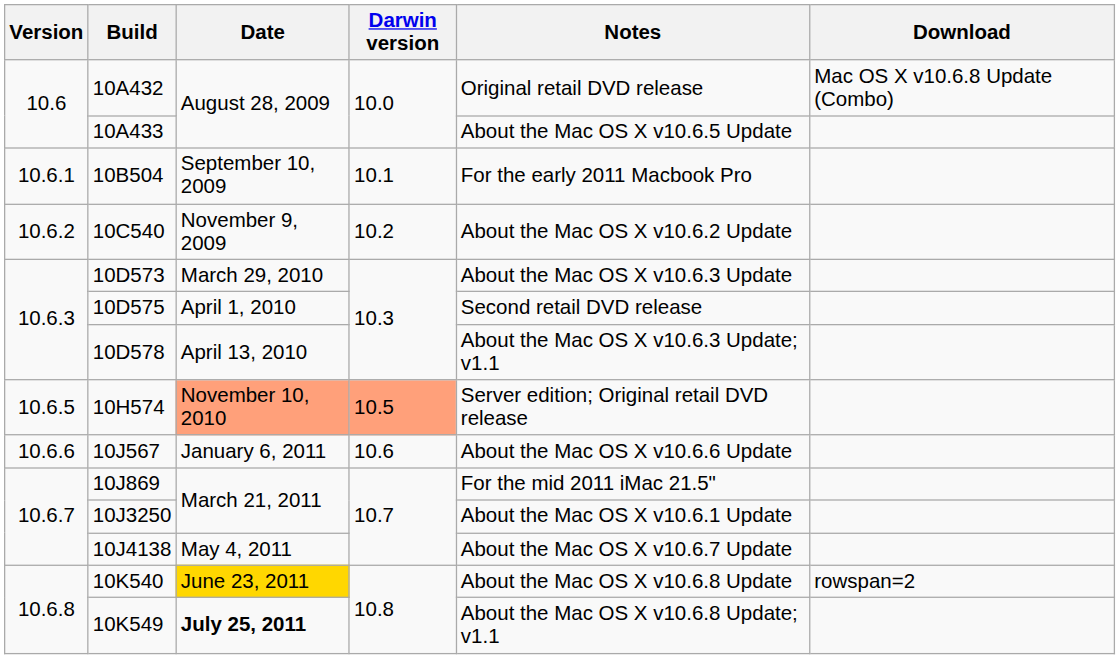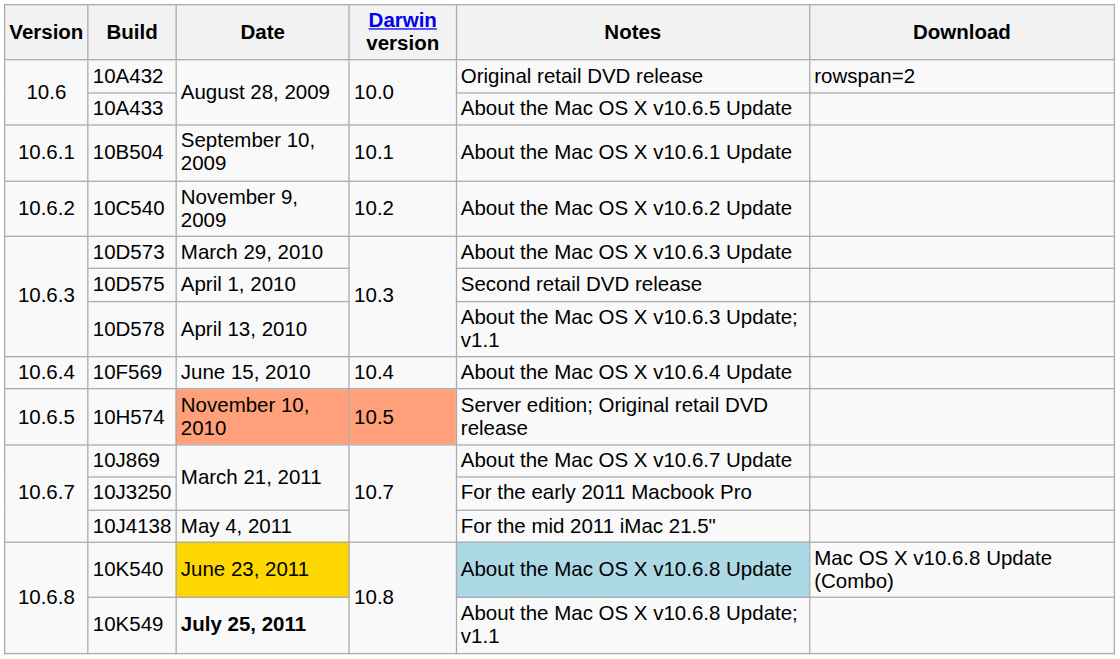 <table class="wikitable">
 <tr>
 <th>Version</th>
 <th>Build</th>
 <th style="width: 128px;">Date</th>
 <th style="width: 76px;"><a href='#'>Darwin</a> version</th>
 <th>Notes</th>
 <th>Download</th>
 </tr>
 <tr>
 <td style=text-align:center rowspan=2>10.6</td>
 <td>10A432</td>
 <td rowspan=2>August 28, 2009</td>
 <td rowspan=2>10.0</td>
 <td>Original retail DVD release</td>
-<td>Mac OS X v10.6.8 Update (Combo)</td>
+<td>rowspan=2 </td>
 </tr>
 <tr>
 <td>10A433</td>
 <td>About the Mac OS X v10.6.5 Update</td>
 </tr>
 <tr>
 <td style=text-align:center>10.6.1</td>
 <td>10B504</td>
 <td>September 10, 2009</td>
 <td>10.1</td>
-<td>For the early 2011 Macbook Pro</td>
+<td>About the Mac OS X v10.6.1 Update</td>
 <td></td>
 </tr>
 <tr>
 <td style=text-align:center>10.6.2</td>
 <td>10C540</td>
 <td>November 9, 2009</td>
 <td>10.2</td>
 <td>About the Mac OS X v10.6.2 Update</td>
 <td><br></td>
 </tr>
 <tr>
 <td style=text-align:center rowspan=3>10.6.3</td>
 <td>10D573</td>
 <td>March 29, 2010</td>
 <td rowspan=3>10.3</td>
 <td>About the Mac OS X v10.6.3 Update</td>
 <td></td>
 </tr>
 <tr>
 <td>10D575</td>
 <td>April 1, 2010</td>
 <td>Second retail DVD release</td>
 <td></td>
 </tr>
 <tr>
 <td>10D578</td>
 <td>April 13, 2010</td>
 <td>About the Mac OS X v10.6.3 Update; v1.1</td>
 <td></td>
 </tr>
 <tr>
+<td style=text-align:center>10.6.4</td>
+<td>10F569</td>
+<td>June 15, 2010</td>
+<td>10.4</td>
+<td>About the Mac OS X v10.6.4 Update</td>
+<td><br></td>
+</tr>
+<tr>
 <td style=text-align:center>10.6.5</td>
 <td>10H574</td>
 <td style="background: lightsalmon;">November 10, 2010</td>
 <td style="background: lightsalmon;">10.5</td>
 <td>Server edition; Original retail DVD release</td>
 <td><br></td>
 </tr>
 <tr>
-<td style=text-align:center>10.6.6</td>
-<td>10J567</td>
-<td>January 6, 2011</td>
-<td>10.6</td>
-<td>About the Mac OS X v10.6.6 Update</td>
-<td><br></td>
-</tr>
-<tr>
 <td style=text-align:center rowspan=3>10.6.7</td>
 <td>10J869</td>
 <td rowspan="2">March 21, 2011</td>
 <td rowspan=3>10.7</td>
-<td>For the mid 2011 iMac 21.5"</td>
+<td>About the Mac OS X v10.6.7 Update</td>
 <td><br></td>
 </tr>
 <tr>
 <td>10J3250</td>
-<td>About the Mac OS X v10.6.1 Update</td>
+<td>For the early 2011 Macbook Pro</td>
 <td></td>
 </tr>
 <tr>
 <td>10J4138</td>
 <td>May 4, 2011</td>
-<td>About the Mac OS X v10.6.7 Update</td>
+<td>For the mid 2011 iMac 21.5"</td>
 <td></td>
 </tr>
 <tr>
 <td style=text-align:center rowspan=2>10.6.8</td>
 <td>10K540</td>
 <td style="background: gold;">June 23, 2011</td>
 <td rowspan=2>10.8</td>
-<td>About the Mac OS X v10.6.8 Update</td>
-<td>rowspan=2 </td>
+<td style="background: lightblue;">About the Mac OS X v10.6.8 Update</td>
+<td>Mac OS X v10.6.8 Update (Combo)</td>
 </tr>
 <tr>
 <td>10K549</td>
 <td><strong>July 25, 2011</strong></td>
 <td>About the Mac OS X v10.6.8 Update; v1.1</td>
 <td><br></td>
 </tr>
 </table>
